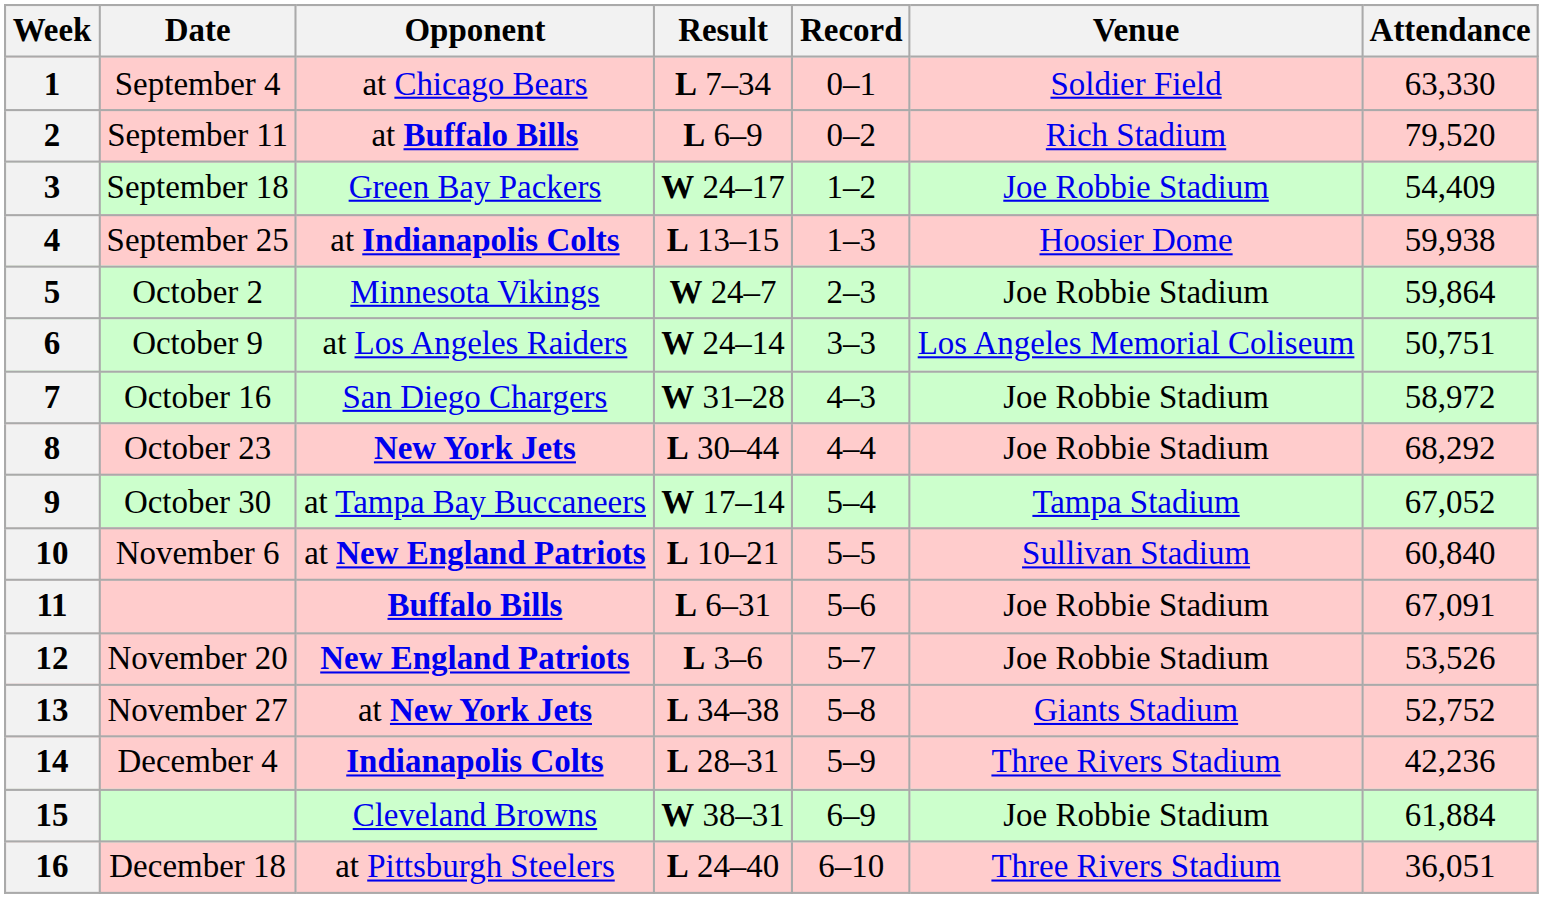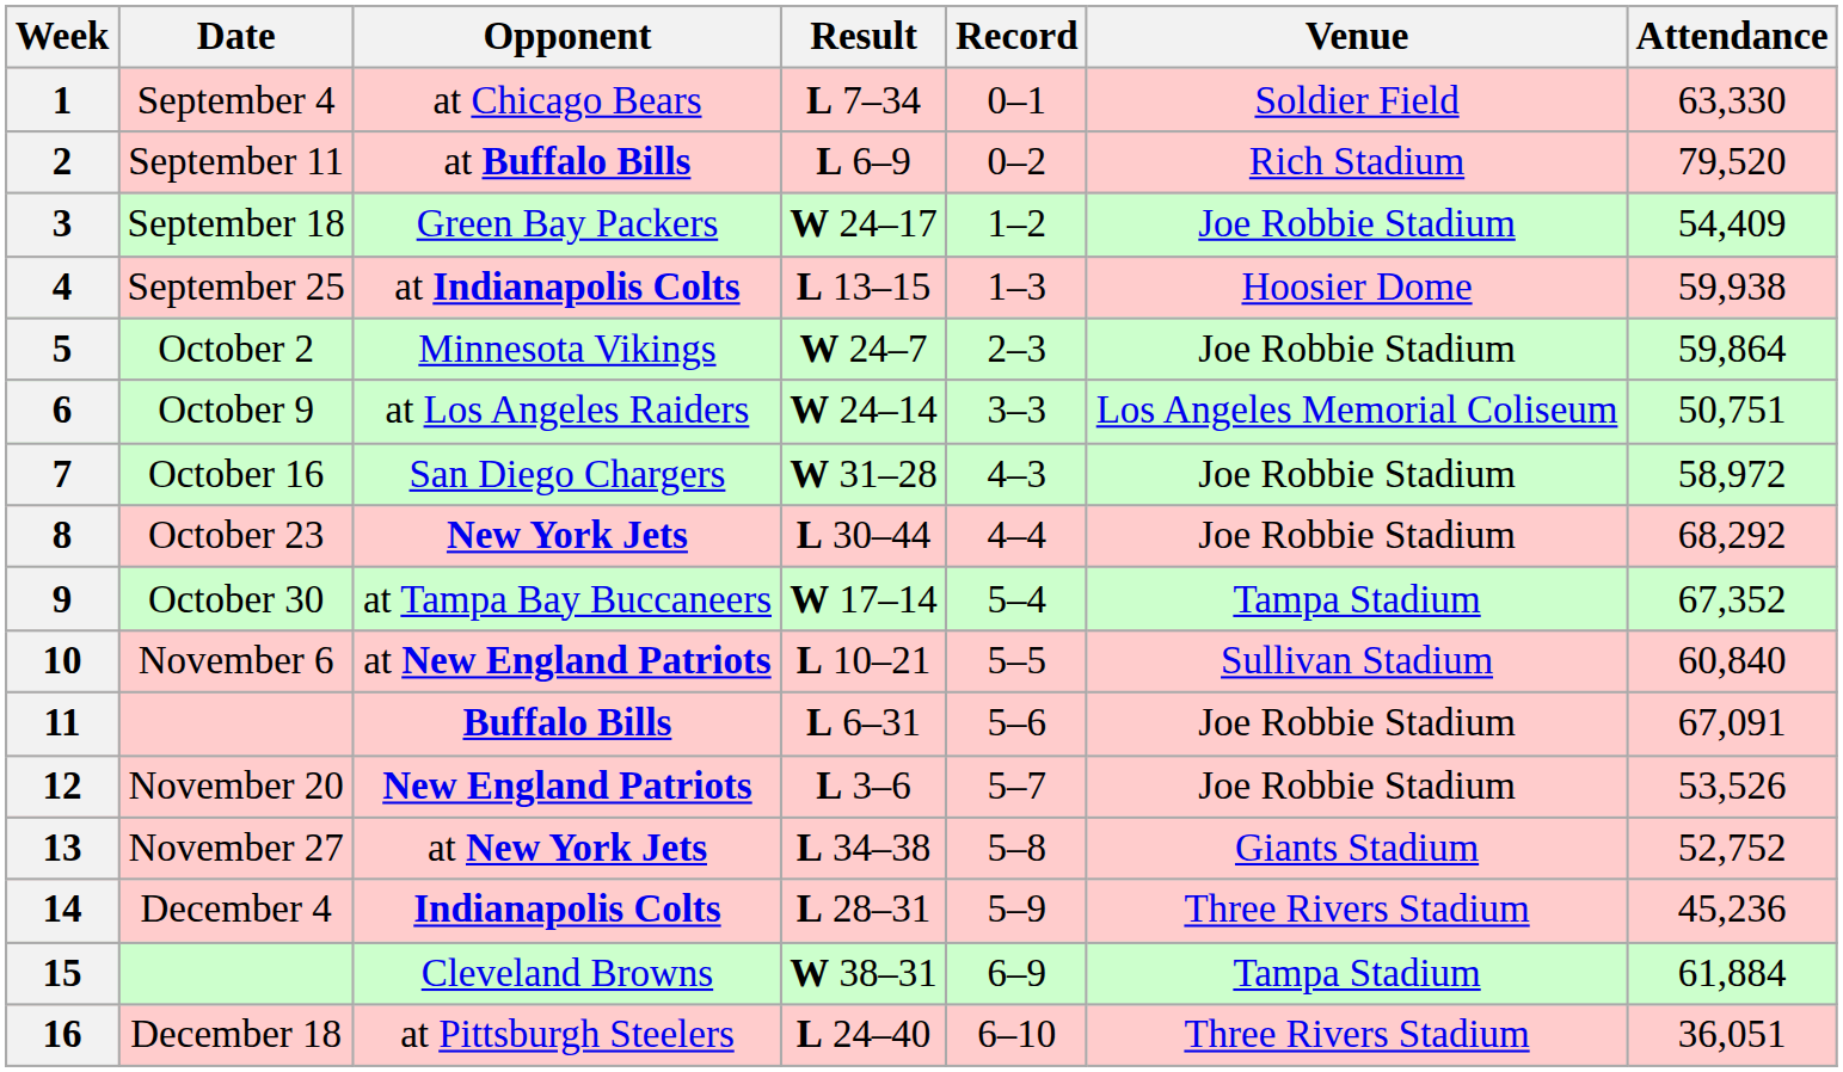 <table class="wikitable" style="text-align:center">
 <tr>
 <th>Week</th>
 <th>Date</th>
 <th>Opponent</th>
 <th>Result</th>
 <th>Record</th>
 <th>Venue</th>
 <th>Attendance</th>
 </tr>
 <tr style="background:#fcc">
 <th>1</th>
 <td>September 4</td>
 <td>at <a href='#'>Chicago Bears</a></td>
 <td><strong>L</strong> 7–34</td>
 <td>0–1</td>
 <td><a href='#'>Soldier Field</a></td>
 <td>63,330</td>
 </tr>
 <tr style="background:#fcc">
 <th>2</th>
 <td>September 11</td>
 <td>at <strong><a href='#'>Buffalo Bills</a></strong></td>
 <td><strong>L</strong> 6–9</td>
 <td>0–2</td>
 <td><a href='#'>Rich Stadium</a></td>
 <td>79,520</td>
 </tr>
 <tr style="background:#cfc">
 <th>3</th>
 <td>September 18</td>
 <td><a href='#'>Green Bay Packers</a></td>
 <td><strong>W</strong> 24–17</td>
 <td>1–2</td>
 <td><a href='#'>Joe Robbie Stadium</a></td>
 <td>54,409</td>
 </tr>
 <tr style="background:#fcc">
 <th>4</th>
 <td>September 25</td>
 <td>at <strong><a href='#'>Indianapolis Colts</a></strong></td>
 <td><strong>L</strong> 13–15</td>
 <td>1–3</td>
 <td><a href='#'>Hoosier Dome</a></td>
 <td>59,938</td>
 </tr>
 <tr style="background:#cfc">
 <th>5</th>
 <td>October 2</td>
 <td><a href='#'>Minnesota Vikings</a></td>
 <td><strong>W</strong> 24–7</td>
 <td>2–3</td>
 <td>Joe Robbie Stadium</td>
 <td>59,864</td>
 </tr>
 <tr style="background:#cfc">
 <th>6</th>
 <td>October 9</td>
 <td>at <a href='#'>Los Angeles Raiders</a></td>
 <td><strong>W</strong> 24–14</td>
 <td>3–3</td>
 <td><a href='#'>Los Angeles Memorial Coliseum</a></td>
 <td>50,751</td>
 </tr>
 <tr style="background:#cfc">
 <th>7</th>
 <td>October 16</td>
 <td><a href='#'>San Diego Chargers</a></td>
 <td><strong>W</strong> 31–28</td>
 <td>4–3</td>
 <td>Joe Robbie Stadium</td>
 <td>58,972</td>
 </tr>
 <tr style="background:#fcc">
 <th>8</th>
 <td>October 23</td>
 <td><strong><a href='#'>New York Jets</a></strong></td>
 <td><strong>L</strong> 30–44</td>
 <td>4–4</td>
 <td>Joe Robbie Stadium</td>
 <td>68,292</td>
 </tr>
 <tr style="background:#cfc">
 <th>9</th>
 <td>October 30</td>
 <td>at <a href='#'>Tampa Bay Buccaneers</a></td>
 <td><strong>W</strong> 17–14</td>
 <td>5–4</td>
 <td><a href='#'>Tampa Stadium</a></td>
-<td>67,052</td>
+<td>67,352</td>
 </tr>
 <tr style="background:#fcc">
 <th>10</th>
 <td>November 6</td>
 <td>at <strong><a href='#'>New England Patriots</a></strong></td>
 <td><strong>L</strong> 10–21</td>
 <td>5–5</td>
 <td><a href='#'>Sullivan Stadium</a></td>
 <td>60,840</td>
 </tr>
 <tr style="background:#fcc">
 <th>11</th>
 <td></td>
 <td><strong><a href='#'>Buffalo Bills</a></strong></td>
 <td><strong>L</strong> 6–31</td>
 <td>5–6</td>
 <td>Joe Robbie Stadium</td>
 <td>67,091</td>
 </tr>
 <tr style="background:#fcc">
 <th>12</th>
 <td>November 20</td>
 <td><strong><a href='#'>New England Patriots</a></strong></td>
 <td><strong>L</strong> 3–6</td>
 <td>5–7</td>
 <td>Joe Robbie Stadium</td>
 <td>53,526</td>
 </tr>
 <tr style="background:#fcc">
 <th>13</th>
 <td>November 27</td>
 <td>at <strong><a href='#'>New York Jets</a></strong></td>
 <td><strong>L</strong> 34–38</td>
 <td>5–8</td>
 <td><a href='#'>Giants Stadium</a></td>
 <td>52,752</td>
 </tr>
 <tr style="background:#fcc">
 <th>14</th>
 <td>December 4</td>
 <td><strong><a href='#'>Indianapolis Colts</a></strong></td>
 <td><strong>L</strong> 28–31</td>
 <td>5–9</td>
 <td><a href='#'>Three Rivers Stadium</a></td>
-<td>42,236</td>
+<td>45,236</td>
 </tr>
 <tr style="background:#cfc">
 <th>15</th>
 <td></td>
 <td><a href='#'>Cleveland Browns</a></td>
 <td><strong>W</strong> 38–31</td>
 <td>6–9</td>
-<td>Joe Robbie Stadium</td>
+<td><a href='#'>Tampa Stadium</a></td>
 <td>61,884</td>
 </tr>
 <tr style="background:#fcc">
 <th>16</th>
 <td>December 18</td>
 <td>at <a href='#'>Pittsburgh Steelers</a></td>
 <td><strong>L</strong> 24–40</td>
 <td>6–10</td>
 <td><a href='#'>Three Rivers Stadium</a></td>
 <td>36,051</td>
 </tr>
 </table>
